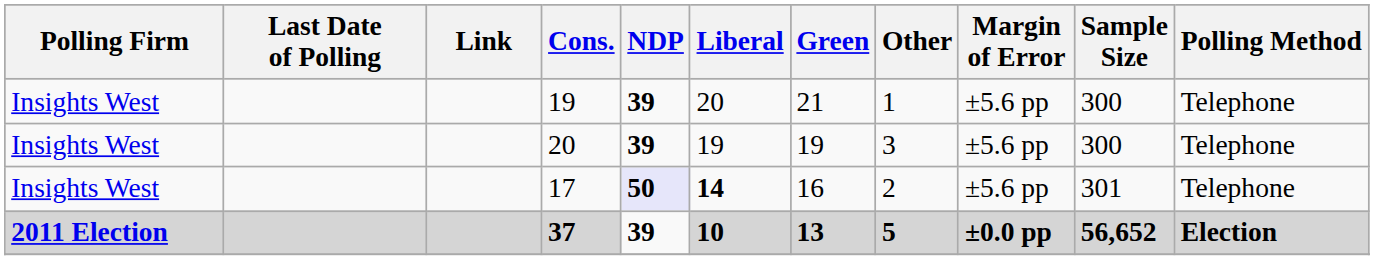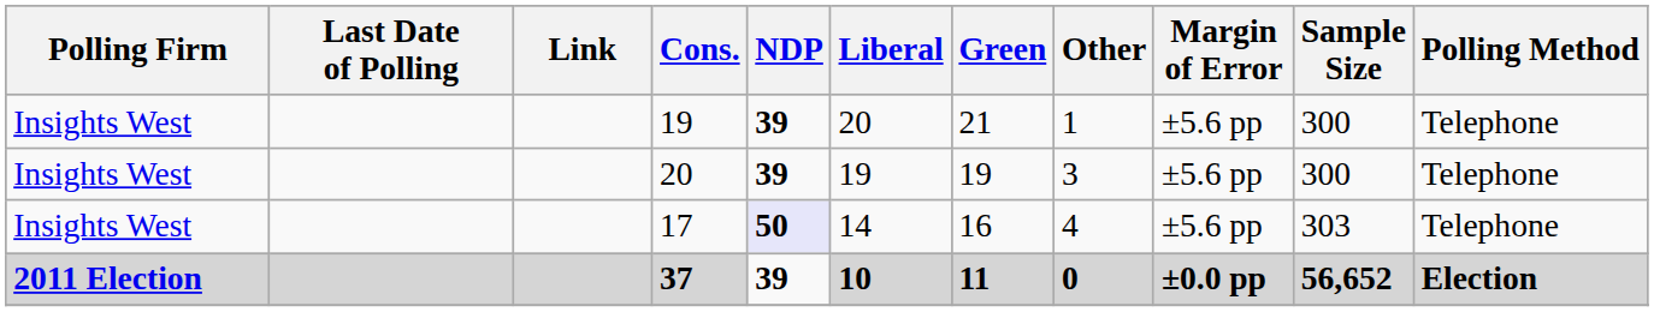 <table class="wikitable sortable">
 <tr style="background:#e9e9e9;">
 <th style="width:120px">Polling Firm</th>
 <th style="width:110px">Last Date<br>of Polling</th>
 <th style="width:60px" class="unsortable">Link</th>
 <th style="background-color:"><strong><a href='#'>Cons.</a></strong></th>
 <th style="background-color:"><strong><a href='#'>NDP</a></strong></th>
 <th style="background-color:"><strong><a href='#'>Liberal</a></strong></th>
 <th style="background-color:"><strong><a href='#'>Green</a></strong></th>
 <th style="background-color:"><strong>Other</strong></th>
 <th style="width:60px;" class=unsortable>Margin<br>of Error</th>
 <th style="width:50px;" class=unsortable>Sample<br>Size</th>
 <th class=unsortable>Polling Method</th>
 </tr>
 <tr>
 <td><a href='#'>Insights West</a></td>
 <td></td>
 <td></td>
 <td>19</td>
 <td><strong>39</strong></td>
 <td>20</td>
 <td>21</td>
 <td>1</td>
 <td>±5.6 pp</td>
 <td>300</td>
 <td>Telephone</td>
 </tr>
 <tr>
 <td><a href='#'>Insights West</a></td>
 <td></td>
 <td></td>
 <td>20</td>
 <td><strong>39</strong></td>
 <td>19</td>
 <td>19</td>
 <td>3</td>
 <td>±5.6 pp</td>
 <td>300</td>
 <td>Telephone</td>
 </tr>
 <tr>
 <td><a href='#'>Insights West</a></td>
 <td></td>
 <td></td>
 <td>17</td>
 <td style="background: lavender;"><strong>50</strong></td>
-<td><strong>14</strong></td>
+<td>14</td>
 <td>16</td>
-<td>2</td>
+<td>4</td>
 <td>±5.6 pp</td>
-<td>301</td>
+<td>303</td>
 <td>Telephone</td>
 </tr>
 <tr>
 <td style="background:#D5D5D5"><strong><a href='#'>2011 Election</a></strong></td>
 <td style="background:#D5D5D5"><strong></strong></td>
 <td style="background:#D5D5D5"></td>
 <td style="background:#D5D5D5"><strong>37</strong></td>
 <td><strong>39</strong></td>
 <td style="background:#D5D5D5"><strong>10</strong></td>
-<td style="background:#D5D5D5"><strong>13</strong></td>
-<td style="background:#D5D5D5"><strong>5</strong></td>
+<td style="background:#D5D5D5"><strong>11</strong></td>
+<td style="background:#D5D5D5"><strong>0</strong></td>
 <td style="background:#D5D5D5"><strong>±0.0 pp</strong></td>
 <td style="background:#D5D5D5"><strong>56,652</strong></td>
 <td style="background:#D5D5D5"><strong>Election</strong></td>
 </tr>
 <tr>
 </tr>
 <tr>
 </tr>
 </table>
